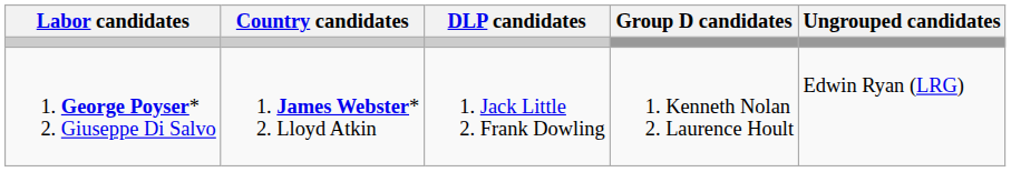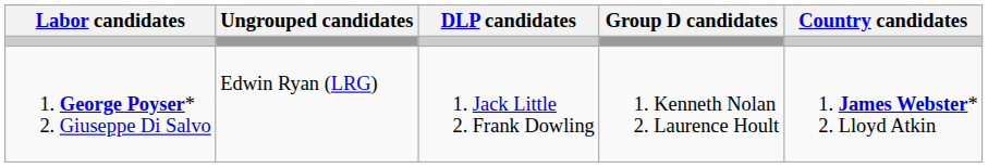 <table class="wikitable">
 <tr>
 <th><a href='#'>Labor</a> candidates</th>
-<th><a href='#'>Country</a> candidates</th>
+<th>Ungrouped candidates</th>
 <th><a href='#'>DLP</a> candidates</th>
 <th>Group D candidates</th>
-<th>Ungrouped candidates</th>
+<th><a href='#'>Country</a> candidates</th>
 </tr>
 <tr bgcolor="#cccccc">
 <td></td>
-<td></td>
+<td bgcolor="#999999"></td>
 <td></td>
 <td bgcolor="#999999"></td>
-<td bgcolor="#999999"></td>
+<td></td>
 </tr>
 <tr>
 <td><br><ol><li><strong><a href='#'>George Poyser</a></strong>*</li><li><a href='#'>Giuseppe Di Salvo</a></li></ol></td>
-<td><br><ol><li><strong><a href='#'>James Webster</a></strong>*</li><li>Lloyd Atkin</li></ol></td>
+<td valign=top><br>Edwin Ryan (<a href='#'>LRG</a>)</td>
 <td valign=top><br><ol><li><a href='#'>Jack Little</a></li><li>Frank Dowling</li></ol></td>
 <td valign=top><br><ol><li>Kenneth Nolan</li><li>Laurence Hoult</li></ol></td>
-<td valign=top><br>Edwin Ryan (<a href='#'>LRG</a>)</td>
+<td><br><ol><li><strong><a href='#'>James Webster</a></strong>*</li><li>Lloyd Atkin</li></ol></td>
 </tr>
 </table>
